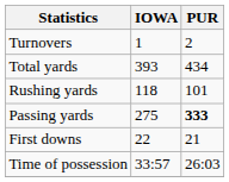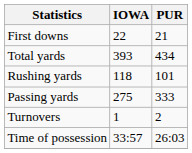 <table class="wikitable">
 <tr>
 <th>Statistics</th>
 <th>IOWA</th>
 <th>PUR</th>
 </tr>
 <tr>
-<td>Turnovers</td>
-<td>1</td>
-<td>2</td>
+<td>First downs</td>
+<td>22</td>
+<td>21</td>
 </tr>
 <tr>
 <td>Total yards</td>
 <td>393</td>
 <td>434</td>
 </tr>
 <tr>
 <td>Rushing yards</td>
 <td>118</td>
 <td>101</td>
 </tr>
 <tr>
 <td>Passing yards</td>
 <td>275</td>
-<td><strong>333</strong></td>
+<td>333</td>
 </tr>
 <tr>
-<td>First downs</td>
-<td>22</td>
-<td>21</td>
+<td>Turnovers</td>
+<td>1</td>
+<td>2</td>
 </tr>
 <tr>
 <td>Time of possession</td>
 <td>33:57</td>
 <td>26:03</td>
 </tr>
 <tr>
 </tr>
 </table>
